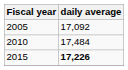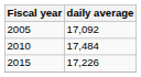 <table class="wikitable">
 <tr>
 <th>Fiscal year</th>
 <th>daily average</th>
 </tr>
 <tr>
 <td>2005</td>
 <td>17,092</td>
 </tr>
 <tr>
 <td>2010</td>
 <td>17,484</td>
 </tr>
 <tr>
 <td>2015</td>
-<td><strong>17,226</strong></td>
+<td>17,226</td>
 </tr>
 <tr>
 </tr>
 </table>
